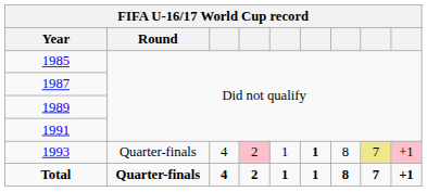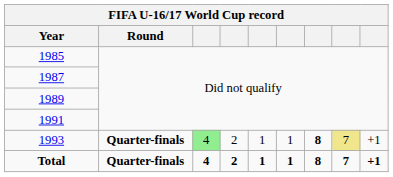 <table class="wikitable" style="text-align: center; font-size: 90%;">
 <tr>
 <th colspan=9>FIFA U-16/17 World Cup record</th>
 </tr>
 <tr>
 <th width=100>Year</th>
 <th width=100>Round</th>
 <th width=25></th>
 <th width=25></th>
 <th width=25></th>
 <th width=25></th>
 <th width=25></th>
 <th width=25></th>
 <th width=25></th>
 </tr>
 <tr>
 <td> <a href='#'>1985</a></td>
 <td rowspan="4" colspan=9>Did not qualify</td>
 </tr>
 <tr>
 <td> <a href='#'>1987</a></td>
 </tr>
 <tr>
 <td> <a href='#'>1989</a></td>
 </tr>
 <tr>
 <td> <a href='#'>1991</a></td>
 </tr>
 <tr>
 <td> <a href='#'>1993</a></td>
-<td>Quarter-finals</td>
-<td>4</td>
-<td style="background: pink;">2</td>
+<td><strong>Quarter-finals</strong></td>
+<td style="background: lightgreen;">4</td>
+<td>2</td>
 <td>1</td>
-<td><strong>1</strong></td>
-<td>8</td>
+<td>1</td>
+<td><strong>8</strong></td>
 <td style="background: khaki;">7</td>
-<td style="background: pink;">+1</td>
+<td>+1</td>
 </tr>
 <tr>
 <td><strong>Total</strong></td>
 <td><strong>Quarter-finals</strong></td>
 <td><strong>4</strong></td>
 <td><strong>2</strong></td>
 <td><strong>1</strong></td>
 <td><strong>1</strong></td>
 <td><strong>8</strong></td>
 <td><strong>7</strong></td>
 <td><strong>+1</strong></td>
 </tr>
 </table>
